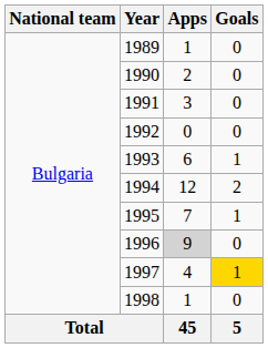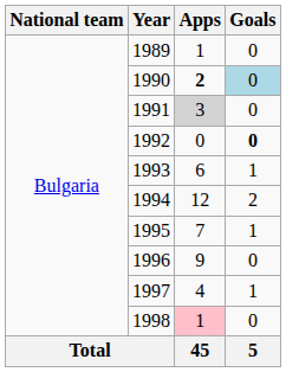 <table class="wikitable" style="text-align:center">
 <tr>
 <th>National team</th>
 <th>Year</th>
 <th>Apps</th>
 <th>Goals</th>
 </tr>
 <tr>
 <td rowspan="10"><a href='#'>Bulgaria</a></td>
 <td>1989</td>
 <td>1</td>
 <td>0</td>
 </tr>
 <tr>
 <td>1990</td>
-<td>2</td>
-<td>0</td>
+<td><strong>2</strong></td>
+<td style="background: lightblue;">0</td>
 </tr>
 <tr>
 <td>1991</td>
-<td>3</td>
+<td style="background: lightgrey;">3</td>
 <td>0</td>
 </tr>
 <tr>
 <td>1992</td>
 <td>0</td>
-<td>0</td>
+<td><strong>0</strong></td>
 </tr>
 <tr>
 <td>1993</td>
 <td>6</td>
 <td>1</td>
 </tr>
 <tr>
 <td>1994</td>
 <td>12</td>
 <td>2</td>
 </tr>
 <tr>
 <td>1995</td>
 <td>7</td>
 <td>1</td>
 </tr>
 <tr>
 <td>1996</td>
-<td style="background: lightgrey;">9</td>
+<td>9</td>
 <td>0</td>
 </tr>
 <tr>
 <td>1997</td>
 <td>4</td>
-<td style="background: gold;">1</td>
+<td>1</td>
 </tr>
 <tr>
 <td>1998</td>
-<td>1</td>
+<td style="background: pink;">1</td>
 <td>0</td>
 </tr>
 <tr>
 <th colspan="2">Total</th>
 <th>45</th>
 <th>5</th>
 </tr>
 </table>
